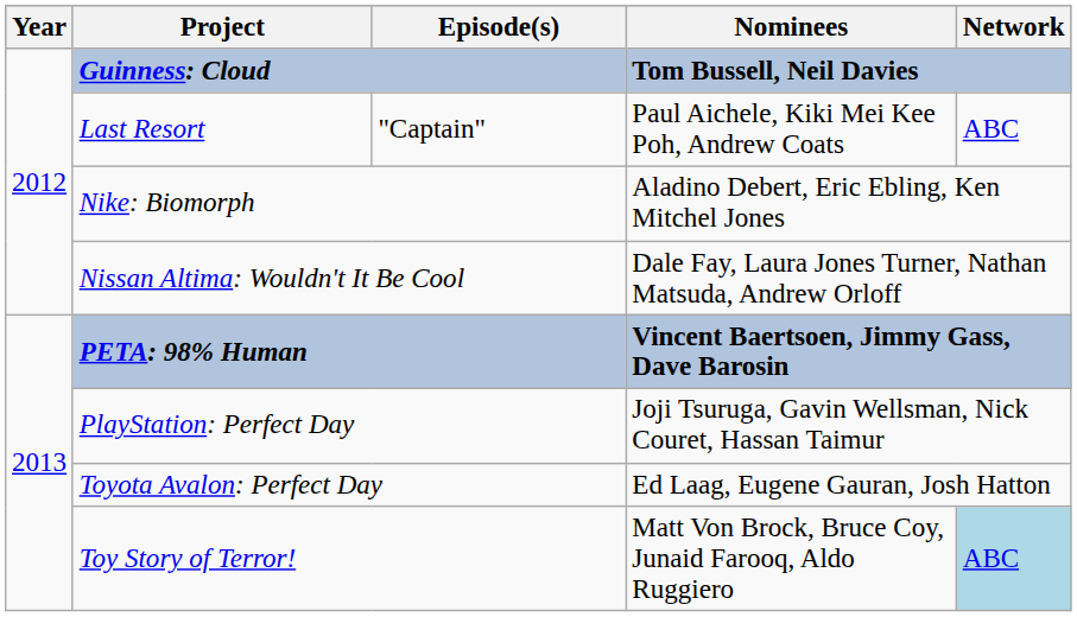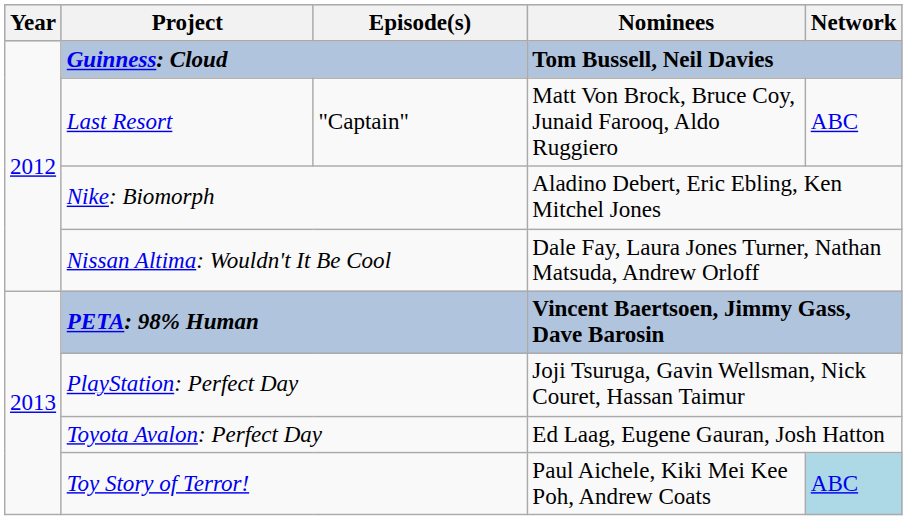 <table class="wikitable" style="width:100%">
 <tr bgcolor="#bebebe">
 <th width="5%">Year</th>
 <th width="30%">Project</th>
 <th width="25%">Episode(s)</th>
 <th width="33%">Nominees</th>
 <th width="8%">Network</th>
 </tr>
 <tr>
 <td rowspan="4" style="text-align:center;"><a href='#'>2012</a><br></td>
 <td style="background:#B0C4DE;" colspan="2"><strong><em><a href='#'>Guinness</a>: Cloud</em></strong></td>
 <td style="background:#B0C4DE;" colspan="2"><strong>Tom Bussell, Neil Davies</strong></td>
 </tr>
 <tr>
 <td><em><a href='#'>Last Resort</a></em></td>
 <td>"Captain"</td>
-<td>Paul Aichele, Kiki Mei Kee Poh, Andrew Coats</td>
+<td>Matt Von Brock, Bruce Coy, Junaid Farooq, Aldo Ruggiero</td>
 <td><a href='#'>ABC</a></td>
 </tr>
 <tr>
 <td colspan="2'"><em><a href='#'>Nike</a>: Biomorph</em></td>
 <td colspan="2">Aladino Debert, Eric Ebling, Ken Mitchel Jones</td>
 </tr>
 <tr>
 <td colspan="2"><em><a href='#'>Nissan Altima</a>: Wouldn't It Be Cool</em></td>
 <td colspan="2">Dale Fay, Laura Jones Turner, Nathan Matsuda, Andrew Orloff</td>
 </tr>
 <tr>
 <td rowspan="4" style="text-align:center;"><a href='#'>2013</a><br></td>
 <td style="background:#B0C4DE;" colspan="2"><strong><em><a href='#'>PETA</a>: 98% Human</em></strong></td>
 <td style="background:#B0C4DE;" colspan="2"><strong>Vincent Baertsoen, Jimmy Gass, Dave Barosin</strong></td>
 </tr>
 <tr>
 <td colspan="2'"><em><a href='#'>PlayStation</a>: Perfect Day</em></td>
 <td colspan="2">Joji Tsuruga, Gavin Wellsman, Nick Couret, Hassan Taimur</td>
 </tr>
 <tr>
 <td colspan="2'"><em><a href='#'>Toyota Avalon</a>: Perfect Day</em></td>
 <td colspan="2">Ed Laag, Eugene Gauran, Josh Hatton</td>
 </tr>
 <tr>
 <td colspan="2"><em><a href='#'>Toy Story of Terror!</a></em></td>
-<td>Matt Von Brock, Bruce Coy, Junaid Farooq, Aldo Ruggiero</td>
+<td>Paul Aichele, Kiki Mei Kee Poh, Andrew Coats</td>
 <td style="background: lightblue;"><a href='#'>ABC</a></td>
 </tr>
 </table>
